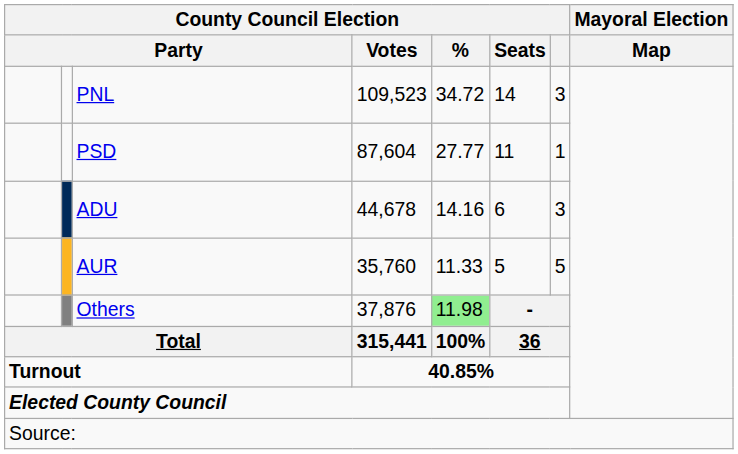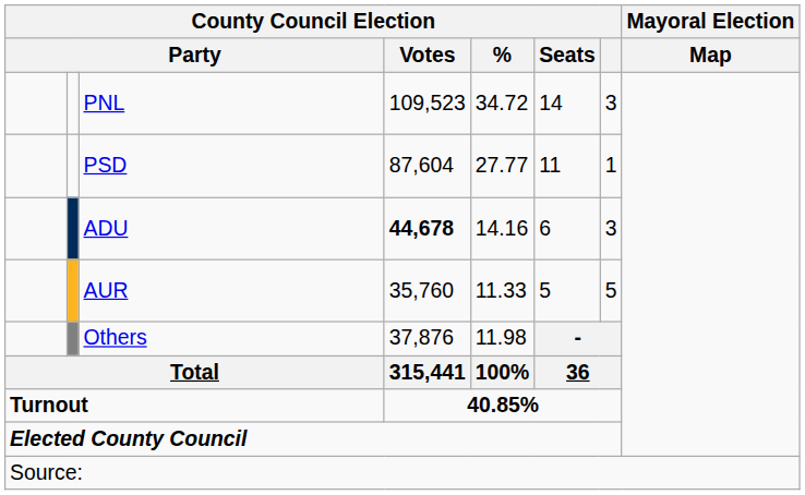 <table class="wikitable" style="text-align:left">
 <tr>
 <th colspan="7">County Council Election</th>
 <th>Mayoral Election</th>
 </tr>
 <tr>
 <th colspan="3" width="280">Party</th>
 <th>Votes</th>
 <th>%</th>
 <th>Seats</th>
 <th></th>
 <th>Map</th>
 </tr>
 <tr>
 <td width="40" height="40"></td>
 <td width="1" style="color:inherit;background:"></td>
 <td align="left"><a href='#'>PNL</a></td>
 <td>109,523</td>
 <td>34.72</td>
 <td>14</td>
 <td>3</td>
 <td rowspan="8"></td>
 </tr>
 <tr>
 <td height="40"></td>
 <td style="color:inherit;background:"></td>
 <td align="left"><a href='#'>PSD</a></td>
 <td>87,604</td>
 <td>27.77</td>
 <td>11</td>
 <td>1</td>
 </tr>
 <tr>
 <td height="40"></td>
 <td style="background:#002A59;"></td>
 <td align="left"><a href='#'>ADU</a></td>
-<td>44,678</td>
+<td><strong>44,678</strong></td>
 <td>14.16</td>
 <td>6</td>
 <td>3</td>
 </tr>
 <tr>
 <td height="40"></td>
 <td style="background:#FCB521;"></td>
 <td><a href='#'>AUR</a></td>
 <td>35,760</td>
 <td>11.33</td>
 <td>5</td>
 <td>5</td>
 </tr>
 <tr>
 <td></td>
 <td style="background-color:Grey "></td>
 <td align="left"><a href='#'>Others</a></td>
 <td>37,876</td>
-<td style="background: lightgreen;">11.98</td>
+<td>11.98</td>
 <th colspan="2">-</th>
 </tr>
 <tr>
 <th colspan="3"><strong><u>Total</u></strong></th>
 <th style="text-align:left">315,441</th>
 <th style="text-align:left">100%</th>
 <th colspan="2"><strong><u>36</u></strong></th>
 </tr>
 <tr>
 <td colspan="3"><strong>Turnout</strong></td>
 <td colspan="4" style="text-align: center"><strong>40.85%</strong></td>
 </tr>
 <tr>
 <td colspan="7"><strong><em>Elected County Council</em></strong></td>
 </tr>
 <tr>
 <td colspan="8">Source: </td>
 </tr>
 </table>
